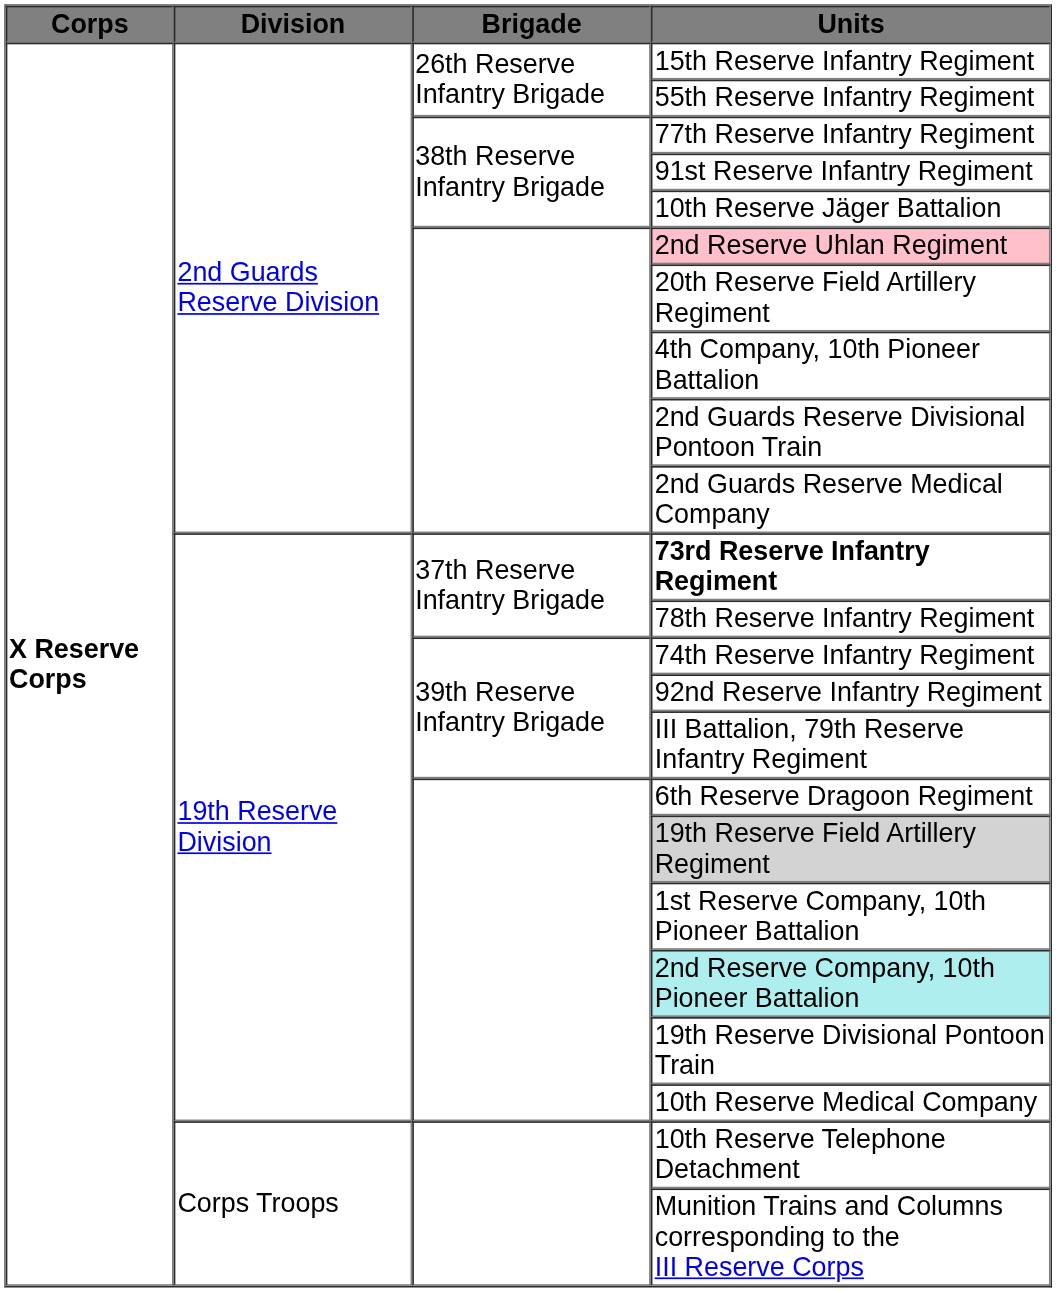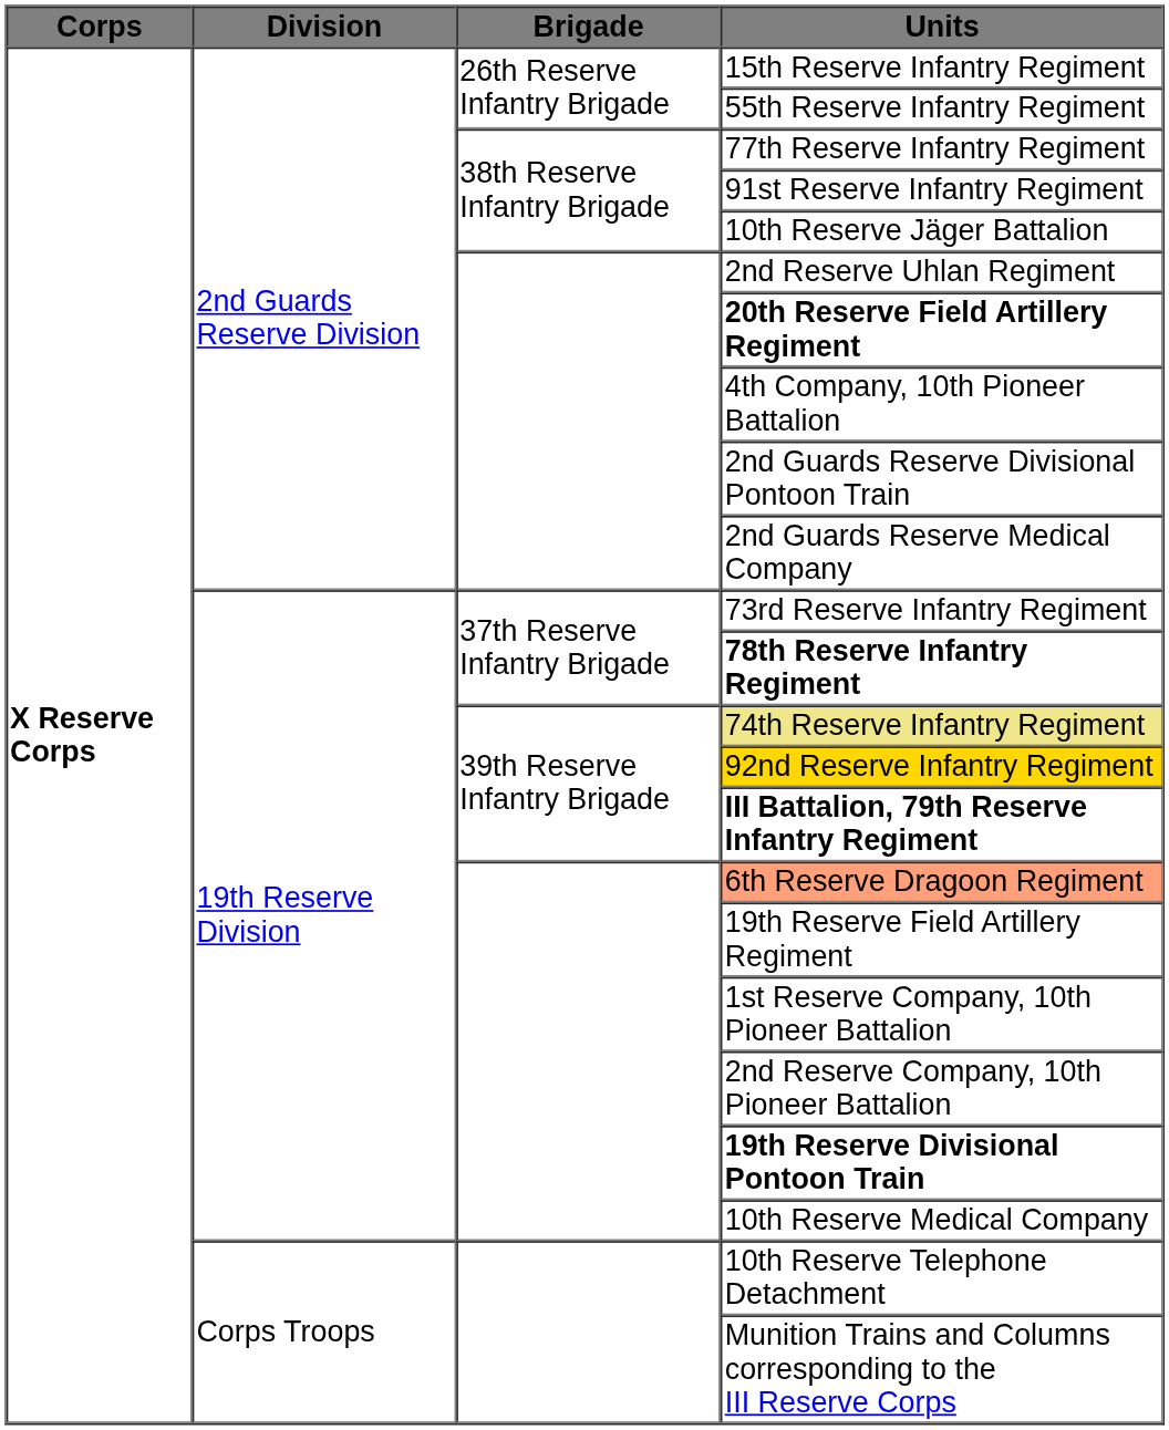 <table style="float: right;" border="1" cellpadding="1" cellspacing="0" style="font-size: 100%; border: gray solid 1px; border-collapse: collapse; text-align: center;">
 <tr style="background-color:grey; color:black;">
 <th>Corps</th>
 <th>Division</th>
 <th>Brigade</th>
 <th>Units</th>
 </tr>
 <tr>
 <td ROWSPAN=23><strong>X Reserve Corps</strong></td>
 <td ROWSPAN=10><a href='#'>2nd Guards Reserve Division</a></td>
 <td ROWSPAN=2>26th Reserve Infantry Brigade</td>
 <td>15th Reserve Infantry Regiment</td>
 </tr>
 <tr>
 <td>55th Reserve Infantry Regiment</td>
 </tr>
 <tr>
 <td ROWSPAN=3>38th Reserve Infantry Brigade</td>
 <td>77th Reserve Infantry Regiment</td>
 </tr>
 <tr>
 <td>91st Reserve Infantry Regiment</td>
 </tr>
 <tr>
 <td>10th Reserve Jäger Battalion</td>
 </tr>
 <tr>
 <td ROWSPAN=5></td>
-<td style="background: pink;">2nd Reserve Uhlan Regiment</td>
+<td>2nd Reserve Uhlan Regiment</td>
 </tr>
 <tr>
-<td>20th Reserve Field Artillery Regiment</td>
+<td><strong>20th Reserve Field Artillery Regiment</strong></td>
 </tr>
 <tr>
 <td>4th Company, 10th Pioneer Battalion</td>
 </tr>
 <tr>
 <td>2nd Guards Reserve Divisional Pontoon Train</td>
 </tr>
 <tr>
 <td>2nd Guards Reserve Medical Company</td>
 </tr>
 <tr>
 <td ROWSPAN=11><a href='#'>19th Reserve Division</a></td>
 <td ROWSPAN=2>37th Reserve Infantry Brigade</td>
-<td><strong>73rd Reserve Infantry Regiment</strong></td>
+<td>73rd Reserve Infantry Regiment</td>
 </tr>
 <tr>
-<td>78th Reserve Infantry Regiment</td>
+<td><strong>78th Reserve Infantry Regiment</strong></td>
 </tr>
 <tr>
 <td ROWSPAN=3>39th Reserve Infantry Brigade</td>
-<td>74th Reserve Infantry Regiment</td>
+<td style="background: khaki;">74th Reserve Infantry Regiment</td>
 </tr>
 <tr>
-<td>92nd Reserve Infantry Regiment</td>
+<td style="background: gold;">92nd Reserve Infantry Regiment</td>
 </tr>
 <tr>
-<td>III Battalion, 79th Reserve Infantry Regiment</td>
+<td><strong>III Battalion, 79th Reserve Infantry Regiment</strong></td>
 </tr>
 <tr>
 <td ROWSPAN=6></td>
-<td>6th Reserve Dragoon Regiment</td>
+<td style="background: lightsalmon;">6th Reserve Dragoon Regiment</td>
 </tr>
 <tr>
-<td style="background: lightgrey;">19th Reserve Field Artillery Regiment</td>
+<td>19th Reserve Field Artillery Regiment</td>
 </tr>
 <tr>
 <td>1st Reserve Company, 10th Pioneer Battalion</td>
 </tr>
 <tr>
-<td style="background: paleturquoise;">2nd Reserve Company, 10th Pioneer Battalion</td>
+<td>2nd Reserve Company, 10th Pioneer Battalion</td>
 </tr>
 <tr>
-<td>19th Reserve Divisional Pontoon Train</td>
+<td><strong>19th Reserve Divisional Pontoon Train</strong></td>
 </tr>
 <tr>
 <td>10th Reserve Medical Company</td>
 </tr>
 <tr>
 <td ROWSPAN=2>Corps Troops</td>
 <td ROWSPAN=2></td>
 <td>10th Reserve Telephone Detachment</td>
 </tr>
 <tr>
 <td>Munition Trains and Columns corresponding to the<br><a href='#'>III Reserve Corps</a></td>
 </tr>
 </table>
